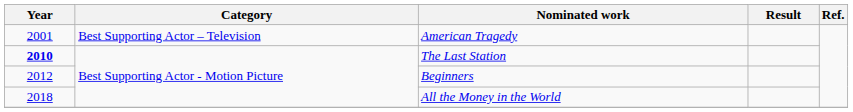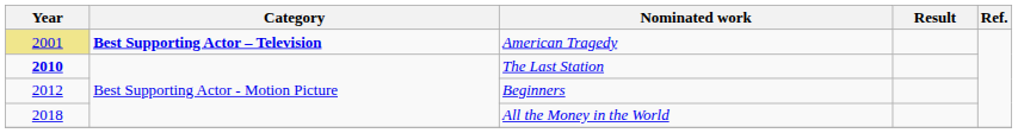 <table class=wikitable>
 <tr>
 <th scope="col" style="width:5em;">Year</th>
 <th scope="col" style="width:26em;">Category</th>
 <th scope="col" style="width:25em;">Nominated work</th>
 <th scope="col" style="width:5em;">Result</th>
 <th>Ref.</th>
 </tr>
 <tr>
-<td style="text-align:center;"><a href='#'>2001</a></td>
-<td><a href='#'>Best Supporting Actor – Television</a></td>
+<td style="background: khaki; text-align:center;"><a href='#'>2001</a></td>
+<td><strong><a href='#'>Best Supporting Actor – Television</a></strong></td>
 <td><em><a href='#'>American Tragedy</a></em></td>
 <td></td>
 <td rowspan="4" style="text-align:center;"></td>
 </tr>
 <tr>
 <td style="text-align:center;"><strong><a href='#'>2010</a></strong></td>
 <td rowspan=3><a href='#'>Best Supporting Actor - Motion Picture</a></td>
 <td><em><a href='#'>The Last Station</a></em></td>
 <td></td>
 </tr>
 <tr>
 <td style="text-align:center;"><a href='#'>2012</a></td>
 <td><em><a href='#'>Beginners</a></em></td>
 <td></td>
 </tr>
 <tr>
 <td style="text-align:center;"><a href='#'>2018</a></td>
 <td><em><a href='#'>All the Money in the World</a></em></td>
 <td></td>
 </tr>
 <tr>
 </tr>
 </table>
